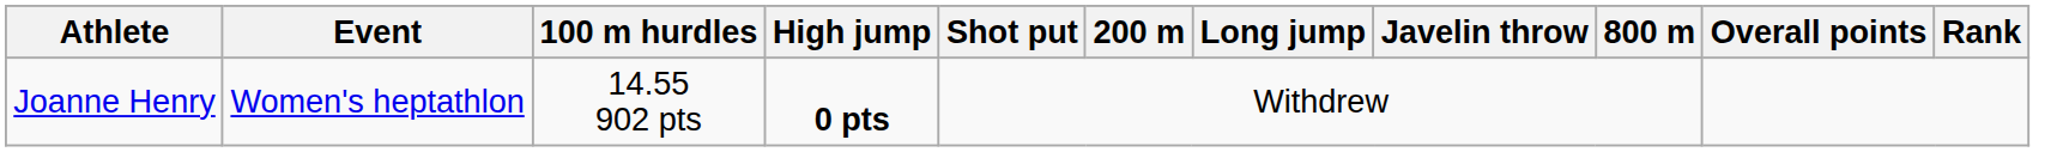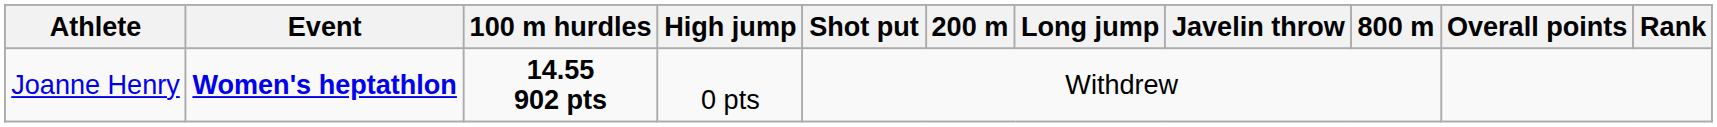 <table class=wikitable style="font-size:90%">
 <tr>
 <th>Athlete</th>
 <th>Event</th>
 <th>100 m hurdles</th>
 <th>High jump</th>
 <th>Shot put</th>
 <th>200 m</th>
 <th>Long jump</th>
 <th>Javelin throw</th>
 <th>800 m</th>
 <th>Overall points</th>
 <th>Rank</th>
 </tr>
 <tr align=center>
 <td align=left><a href='#'>Joanne Henry</a></td>
-<td align=left><a href='#'>Women's heptathlon</a></td>
-<td>14.55<br>902 pts</td>
-<td><strong><br>0 pts</strong></td>
+<td align=left><strong><a href='#'>Women's heptathlon</a></strong></td>
+<td><strong>14.55<br>902 pts</strong></td>
+<td><br>0 pts</td>
 <td colspan=5>Withdrew</td>
 <td colspan=2></td>
 </tr>
 </table>
